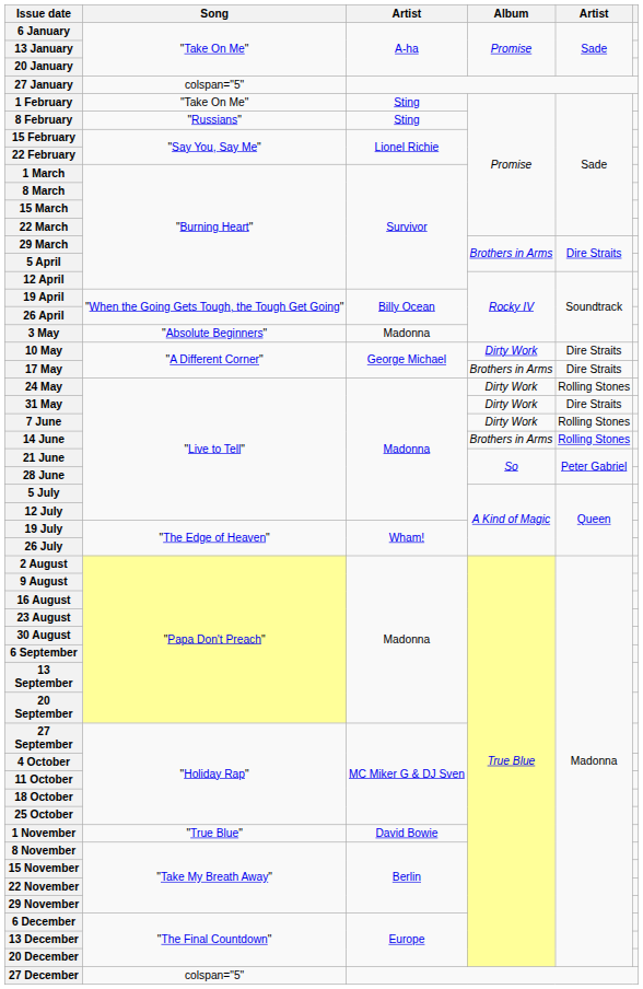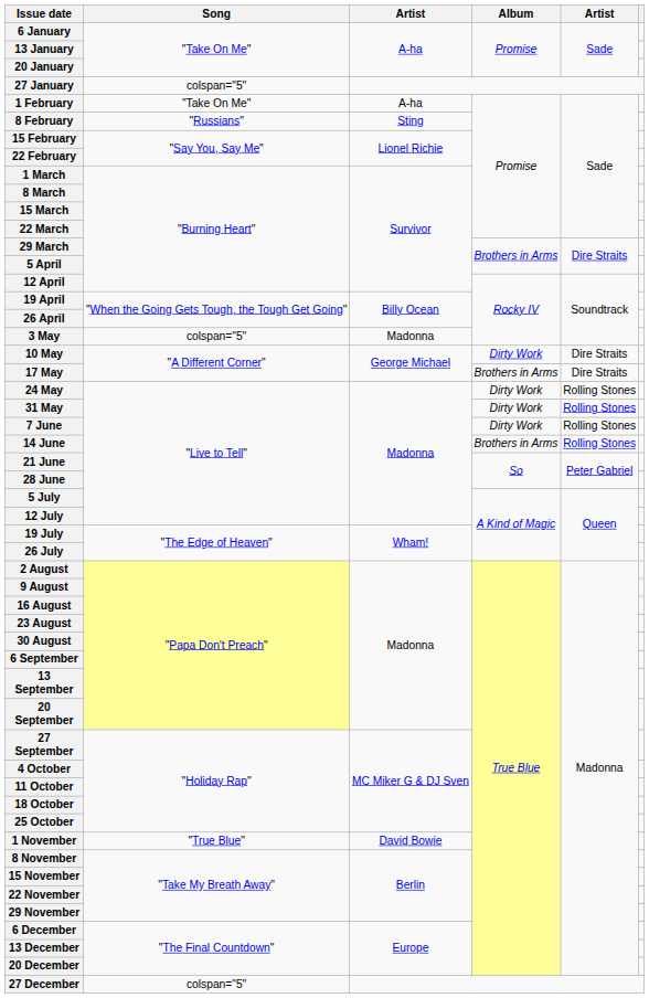 <table class="wikitable plainrowheaders" style="text-align:center">
 <tr>
 <th scope="col" style="width:6.5em;">Issue date</th>
 <th scope="col">Song</th>
 <th scope="col">Artist</th>
 <th scope="col">Album</th>
 <th scope="col">Artist</th>
 <th scope="col"></th>
 </tr>
 <tr>
 <th scope="row">6 January</th>
 <td rowspan="3">"<a href='#'>Take On Me</a>"</td>
 <td rowspan="3"><a href='#'>A-ha</a></td>
 <td rowspan="3"><em><a href='#'>Promise</a></em></td>
 <td rowspan="3"><a href='#'>Sade</a></td>
 <td></td>
 </tr>
 <tr>
 <th scope="row">13 January</th>
 <td></td>
 </tr>
 <tr>
 <th scope="row">20 January</th>
 <td></td>
 </tr>
 <tr>
 <th scope="row">27 January</th>
 <td>colspan="5" </td>
 </tr>
 <tr>
 <th scope="row">1 February</th>
 <td>"Take On Me"</td>
-<td><a href='#'>Sting</a></td>
+<td>A-ha</td>
 <td rowspan="8"><em>Promise</em></td>
 <td rowspan="8">Sade</td>
 <td></td>
 </tr>
 <tr>
 <th scope="row">8 February</th>
 <td>"<a href='#'>Russians</a>"</td>
 <td><a href='#'>Sting</a></td>
 <td></td>
 </tr>
 <tr>
 <th scope="row">15 February</th>
 <td rowspan="2">"<a href='#'>Say You, Say Me</a>"</td>
 <td rowspan="2"><a href='#'>Lionel Richie</a></td>
 <td></td>
 </tr>
 <tr>
 <th scope="row">22 February</th>
 <td></td>
 </tr>
 <tr>
 <th scope="row">1 March</th>
 <td rowspan="7">"<a href='#'>Burning Heart</a>"</td>
 <td rowspan="7"><a href='#'>Survivor</a></td>
 <td></td>
 </tr>
 <tr>
 <th scope="row">8 March</th>
 <td></td>
 </tr>
 <tr>
 <th scope="row">15 March</th>
 <td></td>
 </tr>
 <tr>
 <th scope="row">22 March</th>
 <td></td>
 </tr>
 <tr>
 <th scope="row">29 March</th>
 <td rowspan="2"><em><a href='#'>Brothers in Arms</a></em></td>
 <td rowspan="2"><a href='#'>Dire Straits</a></td>
 <td></td>
 </tr>
 <tr>
 <th scope="row">5 April</th>
 <td></td>
 </tr>
 <tr>
 <th scope="row">12 April</th>
 <td rowspan="4"><em><a href='#'>Rocky IV</a></em></td>
 <td rowspan="4">Soundtrack</td>
 <td></td>
 </tr>
 <tr>
 <th scope="row">19 April</th>
 <td rowspan="2">"<a href='#'>When the Going Gets Tough, the Tough Get Going</a>"</td>
 <td rowspan="2"><a href='#'>Billy Ocean</a></td>
 <td></td>
 </tr>
 <tr>
 <th scope="row">26 April</th>
 <td></td>
 </tr>
 <tr>
 <th scope="row">3 May</th>
-<td>"<a href='#'>Absolute Beginners</a>"</td>
+<td>colspan="5" </td>
 <td>Madonna</td>
 <td></td>
 </tr>
 <tr>
 <th scope="row">10 May</th>
 <td rowspan="2">"<a href='#'>A Different Corner</a>"</td>
 <td rowspan="2"><a href='#'>George Michael</a></td>
 <td><em><a href='#'>Dirty Work</a></em></td>
 <td>Dire Straits</td>
 <td></td>
 </tr>
 <tr>
 <th scope="row">17 May</th>
 <td><em>Brothers in Arms</em></td>
 <td>Dire Straits</td>
 <td></td>
 </tr>
 <tr>
 <th scope="row">24 May</th>
 <td rowspan="8">"<a href='#'>Live to Tell</a>"</td>
 <td rowspan="8"><a href='#'>Madonna</a></td>
 <td><em>Dirty Work</em></td>
 <td>Rolling Stones</td>
 <td></td>
 </tr>
 <tr>
 <th scope="row">31 May</th>
 <td><em>Dirty Work</em></td>
-<td>Dire Straits</td>
+<td><a href='#'>Rolling Stones</a></td>
 <td></td>
 </tr>
 <tr>
 <th scope="row">7 June</th>
 <td><em>Dirty Work</em></td>
 <td>Rolling Stones</td>
 <td></td>
 </tr>
 <tr>
 <th scope="row">14 June</th>
 <td><em>Brothers in Arms</em></td>
 <td><a href='#'>Rolling Stones</a></td>
 <td></td>
 </tr>
 <tr>
 <th scope="row">21 June</th>
 <td rowspan="2"><em><a href='#'>So</a></em></td>
 <td rowspan="2"><a href='#'>Peter Gabriel</a></td>
 <td></td>
 </tr>
 <tr>
 <th scope="row">28 June</th>
 <td></td>
 </tr>
 <tr>
 <th scope="row">5 July</th>
 <td rowspan="4"><em><a href='#'>A Kind of Magic</a></em></td>
 <td rowspan="4"><a href='#'>Queen</a></td>
 <td></td>
 </tr>
 <tr>
 <th scope="row">12 July</th>
 <td></td>
 </tr>
 <tr>
 <th scope="row">19 July</th>
 <td rowspan="2">"<a href='#'>The Edge of Heaven</a>"</td>
 <td rowspan="2"><a href='#'>Wham!</a></td>
 <td></td>
 </tr>
 <tr>
 <th scope="row">26 July</th>
 <td></td>
 </tr>
 <tr>
 <th scope="row">2 August</th>
 <td bgcolor=#FFFF99 rowspan="8">"<a href='#'>Papa Don't Preach</a>" </td>
 <td rowspan="8">Madonna</td>
 <td bgcolor=#FFFF99 rowspan="21"><em><a href='#'>True Blue</a></em> </td>
 <td rowspan="21">Madonna</td>
 <td></td>
 </tr>
 <tr>
 <th scope="row">9 August</th>
 <td></td>
 </tr>
 <tr>
 <th scope="row">16 August</th>
 <td></td>
 </tr>
 <tr>
 <th scope="row">23 August</th>
 <td></td>
 </tr>
 <tr>
 <th scope="row">30 August</th>
 <td></td>
 </tr>
 <tr>
 <th scope="row">6 September</th>
 <td></td>
 </tr>
 <tr>
 <th scope="row">13 September</th>
 <td></td>
 </tr>
 <tr>
 <th scope="row">20 September</th>
 <td></td>
 </tr>
 <tr>
 <th scope="row">27 September</th>
 <td rowspan="5">"<a href='#'>Holiday Rap</a>"</td>
 <td rowspan="5"><a href='#'>MC Miker G & DJ Sven</a></td>
 <td></td>
 </tr>
 <tr>
 <th scope="row">4 October</th>
 <td></td>
 </tr>
 <tr>
 <th scope="row">11 October</th>
 <td></td>
 </tr>
 <tr>
 <th scope="row">18 October</th>
 <td></td>
 </tr>
 <tr>
 <th scope="row">25 October</th>
 <td></td>
 </tr>
 <tr>
 <th scope="row">1 November</th>
 <td>"<a href='#'>True Blue</a>"</td>
 <td><a href='#'>David Bowie</a></td>
 <td></td>
 </tr>
 <tr>
 <th scope="row">8 November</th>
 <td rowspan="4">"<a href='#'>Take My Breath Away</a>"</td>
 <td rowspan="4"><a href='#'>Berlin</a></td>
 <td></td>
 </tr>
 <tr>
 <th scope="row">15 November</th>
 <td></td>
 </tr>
 <tr>
 <th scope="row">22 November</th>
 <td></td>
 </tr>
 <tr>
 <th scope="row">29 November</th>
 <td></td>
 </tr>
 <tr>
 <th scope="row">6 December</th>
 <td rowspan="3">"<a href='#'>The Final Countdown</a>"</td>
 <td rowspan="3"><a href='#'>Europe</a></td>
 <td></td>
 </tr>
 <tr>
 <th scope="row">13 December</th>
 <td></td>
 </tr>
 <tr>
 <th scope="row">20 December</th>
 <td></td>
 </tr>
 <tr>
 <th scope="row">27 December</th>
 <td>colspan="5" </td>
 </tr>
 </table>
